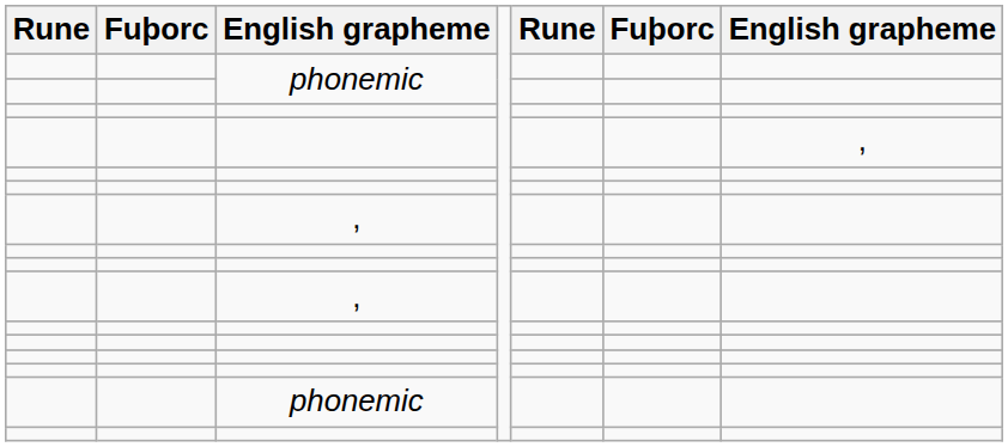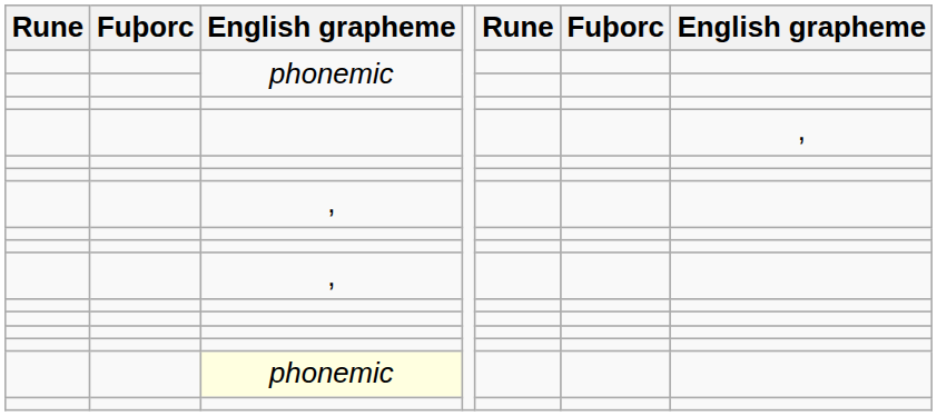 <table class="wikitable">
 <tr align="center">
 <th>Rune</th>
 <th>Fuþorc</th>
 <th>English grapheme</th>
 <td rowspan="17"></td>
 <th>Rune</th>
 <th>Fuþorc</th>
 <th>English grapheme</th>
 </tr>
 <tr align="center">
 <td></td>
 <td></td>
 <td rowspan=2><em>phonemic</em></td>
 <td></td>
 <td></td>
 <td></td>
 </tr>
 <tr align="center">
 <td></td>
 <td></td>
 <td></td>
 <td></td>
 <td></td>
 </tr>
 <tr align="center">
 <td></td>
 <td></td>
 <td></td>
 <td></td>
 <td></td>
 <td></td>
 </tr>
 <tr align="center">
 <td></td>
 <td></td>
 <td></td>
 <td></td>
 <td></td>
 <td>, </td>
 </tr>
 <tr align="center">
 <td></td>
 <td></td>
 <td></td>
 <td></td>
 <td></td>
 <td></td>
 </tr>
 <tr align="center">
 <td></td>
 <td></td>
 <td></td>
 <td></td>
 <td></td>
 <td></td>
 </tr>
 <tr align="center">
 <td></td>
 <td></td>
 <td>, </td>
 <td></td>
 <td></td>
 <td></td>
 </tr>
 <tr align="center">
 <td></td>
 <td></td>
 <td></td>
 <td></td>
 <td></td>
 <td></td>
 </tr>
 <tr align="center">
 <td></td>
 <td></td>
 <td></td>
 <td></td>
 <td></td>
 <td></td>
 </tr>
 <tr align="center">
 <td></td>
 <td></td>
 <td>, </td>
 <td></td>
 <td></td>
 <td></td>
 </tr>
 <tr align="center">
 <td></td>
 <td> </td>
 <td></td>
 <td></td>
 <td></td>
 <td></td>
 </tr>
 <tr align="center">
 <td></td>
 <td></td>
 <td></td>
 <td></td>
 <td></td>
 <td></td>
 </tr>
 <tr align="center">
 <td></td>
 <td></td>
 <td></td>
 <td></td>
 <td></td>
 <td></td>
 </tr>
 <tr align="center">
 <td></td>
 <td></td>
 <td></td>
 <td></td>
 <td></td>
 <td></td>
 </tr>
 <tr align="center">
 <td></td>
 <td></td>
-<td><em>phonemic</em></td>
+<td style="background: lightyellow;"><em>phonemic</em></td>
 <td></td>
 <td> </td>
 <td></td>
 </tr>
 <tr align="center">
 <td></td>
 <td></td>
 <td></td>
 <td></td>
 <td> </td>
 <td></td>
 </tr>
 </table>
